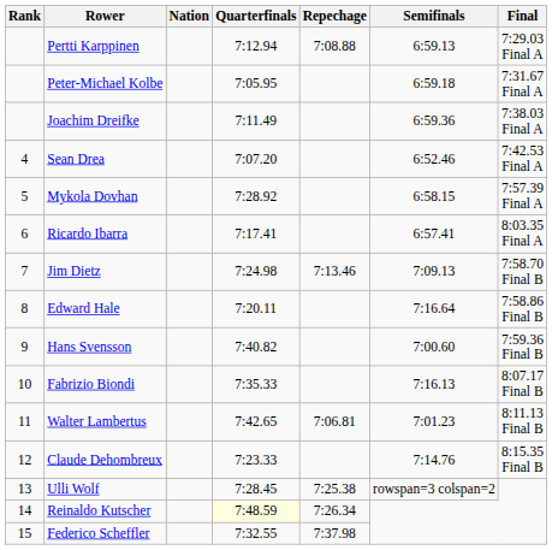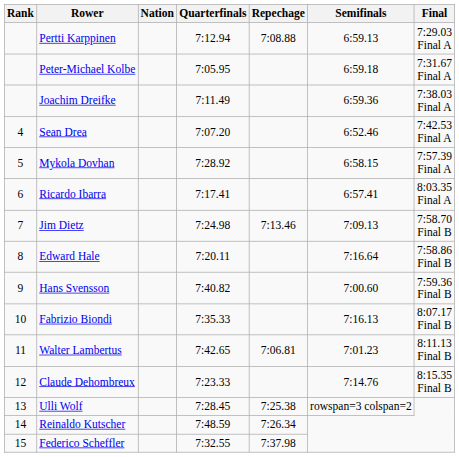 <table class="wikitable sortable" style="text-align:center">
 <tr>
 <th>Rank</th>
 <th>Rower</th>
 <th>Nation</th>
 <th>Quarterfinals</th>
 <th>Repechage</th>
 <th>Semifinals</th>
 <th>Final</th>
 </tr>
 <tr>
 <td></td>
 <td align=left><a href='#'>Pertti Karppinen</a></td>
 <td align=left></td>
 <td>7:12.94</td>
 <td>7:08.88</td>
 <td>6:59.13</td>
 <td>7:29.03<br>Final A</td>
 </tr>
 <tr>
 <td></td>
 <td align=left><a href='#'>Peter-Michael Kolbe</a></td>
 <td align=left></td>
 <td>7:05.95</td>
 <td></td>
 <td>6:59.18</td>
 <td>7:31.67<br>Final A</td>
 </tr>
 <tr>
 <td></td>
 <td align=left><a href='#'>Joachim Dreifke</a></td>
 <td align=left></td>
 <td>7:11.49</td>
 <td></td>
 <td>6:59.36</td>
 <td>7:38.03<br>Final A</td>
 </tr>
 <tr>
 <td>4</td>
 <td align=left><a href='#'>Sean Drea</a></td>
 <td align=left></td>
 <td>7:07.20</td>
 <td></td>
 <td>6:52.46</td>
 <td>7:42.53<br>Final A</td>
 </tr>
 <tr>
 <td>5</td>
 <td align=left><a href='#'>Mykola Dovhan</a></td>
 <td align=left></td>
 <td>7:28.92</td>
 <td></td>
 <td>6:58.15</td>
 <td>7:57.39<br>Final A</td>
 </tr>
 <tr>
 <td>6</td>
 <td align=left><a href='#'>Ricardo Ibarra</a></td>
 <td align=left></td>
 <td>7:17.41</td>
 <td></td>
 <td>6:57.41</td>
 <td>8:03.35<br>Final A</td>
 </tr>
 <tr>
 <td>7</td>
 <td align=left><a href='#'>Jim Dietz</a></td>
 <td align=left></td>
 <td>7:24.98</td>
 <td>7:13.46</td>
 <td>7:09.13</td>
 <td>7:58.70<br>Final B</td>
 </tr>
 <tr>
 <td>8</td>
 <td align=left><a href='#'>Edward Hale</a></td>
 <td align=left></td>
 <td>7:20.11</td>
 <td></td>
 <td>7:16.64</td>
 <td>7:58.86<br>Final B</td>
 </tr>
 <tr>
 <td>9</td>
 <td align=left><a href='#'>Hans Svensson</a></td>
 <td align=left></td>
 <td>7:40.82</td>
 <td></td>
 <td>7:00.60</td>
 <td>7:59.36<br>Final B</td>
 </tr>
 <tr>
 <td>10</td>
 <td align=left><a href='#'>Fabrizio Biondi</a></td>
 <td align=left></td>
 <td>7:35.33</td>
 <td></td>
 <td>7:16.13</td>
 <td>8:07.17<br>Final B</td>
 </tr>
 <tr>
 <td>11</td>
 <td align=left><a href='#'>Walter Lambertus</a></td>
 <td align=left></td>
 <td>7:42.65</td>
 <td>7:06.81</td>
 <td>7:01.23</td>
 <td>8:11.13<br>Final B</td>
 </tr>
 <tr>
 <td>12</td>
 <td align=left><a href='#'>Claude Dehombreux</a></td>
 <td align=left></td>
 <td>7:23.33</td>
 <td></td>
 <td>7:14.76</td>
 <td>8:15.35<br>Final B</td>
 </tr>
 <tr>
 <td>13</td>
 <td align=left><a href='#'>Ulli Wolf</a></td>
 <td align=left></td>
 <td>7:28.45</td>
 <td>7:25.38</td>
 <td>rowspan=3 colspan=2 </td>
 </tr>
 <tr>
 <td>14</td>
 <td align=left><a href='#'>Reinaldo Kutscher</a></td>
 <td align=left></td>
-<td style="background: lightyellow;">7:48.59</td>
+<td>7:48.59</td>
 <td>7:26.34</td>
 </tr>
 <tr>
 <td>15</td>
 <td align=left><a href='#'>Federico Scheffler</a></td>
 <td align=left></td>
 <td>7:32.55</td>
 <td>7:37.98</td>
 </tr>
 </table>
